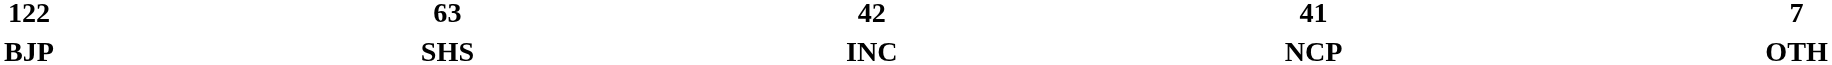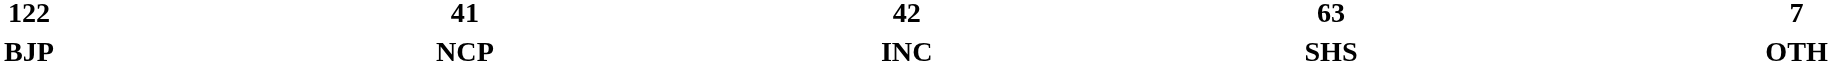 <table style="width:100%; text-align:center;">
 <tr>
 <td style="background:"><strong>122</strong></td>
+<td style="background:"><strong>41</strong></td>
+<td style="background:"><strong>42</strong></td>
 <td style="background:"><strong>63</strong></td>
-<td style="background:"><strong>42</strong></td>
-<td style="background:"><strong>41</strong></td>
 <td style="background:"><strong>7</strong></td>
 </tr>
 <tr>
 <td><span><strong>BJP</strong></span></td>
+<td><span><strong>NCP</strong></span></td>
+<td><span><strong>INC</strong></span></td>
 <td><span><strong>SHS</strong></span></td>
-<td><span><strong>INC</strong></span></td>
-<td><span><strong>NCP</strong></span></td>
 <td><span><strong>OTH</strong></span></td>
 </tr>
 </table>
